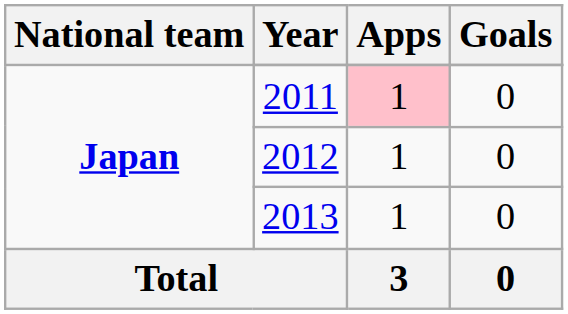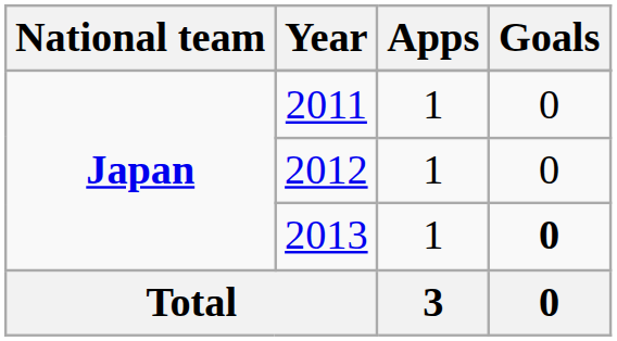 <table class="wikitable" style="text-align: center">
 <tr>
 <th>National team</th>
 <th>Year</th>
 <th>Apps</th>
 <th>Goals</th>
 </tr>
 <tr>
 <td rowspan="4"><strong><a href='#'>Japan</a></strong></td>
 </tr>
 <tr>
 <td><a href='#'>2011</a></td>
-<td style="background: pink;">1</td>
+<td>1</td>
 <td>0</td>
 </tr>
 <tr>
 <td><a href='#'>2012</a></td>
 <td>1</td>
 <td>0</td>
 </tr>
 <tr>
 <td><a href='#'>2013</a></td>
 <td>1</td>
-<td>0</td>
+<td><strong>0</strong></td>
 </tr>
 <tr>
 <th colspan="2">Total</th>
 <th>3</th>
 <th>0</th>
 </tr>
 </table>
